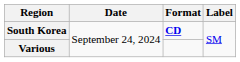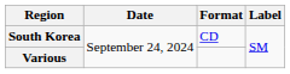 <table class="wikitable plainrowheaders">
 <tr>
 <th scope="col">Region</th>
 <th scope="col">Date</th>
 <th scope="col">Format</th>
 <th scope="col">Label</th>
 </tr>
 <tr>
 <th scope="row">South Korea</th>
 <td rowspan="2">September 24, 2024</td>
-<td><strong><a href='#'>CD</a></strong></td>
+<td><a href='#'>CD</a></td>
 <td rowspan="2"><a href='#'>SM</a></td>
 </tr>
 <tr>
 <th scope="row">Various</th>
 <td></td>
 </tr>
 </table>
